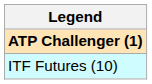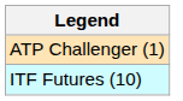 <table class=wikitable style=font-size:97%>
 <tr>
 <th>Legend</th>
 </tr>
 <tr bgcolor=moccasin>
-<td><strong>ATP Challenger (1)</strong></td>
+<td>ATP Challenger (1)</td>
 </tr>
 <tr bgcolor=cffcff>
 <td>ITF Futures (10)</td>
 </tr>
 </table>
